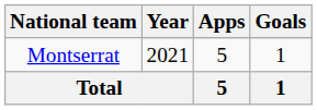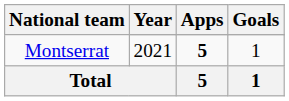 <table class="wikitable" style="text-align:center">
 <tr>
 <th>National team</th>
 <th>Year</th>
 <th>Apps</th>
 <th>Goals</th>
 </tr>
 <tr>
 <td rowspan="2"><a href='#'>Montserrat</a></td>
 </tr>
 <tr>
 <td>2021</td>
-<td>5</td>
+<td><strong>5</strong></td>
 <td>1</td>
 </tr>
 <tr>
 <th colspan="2">Total</th>
 <th>5</th>
 <th>1</th>
 </tr>
 </table>
